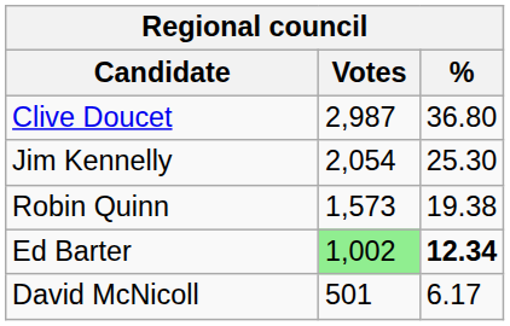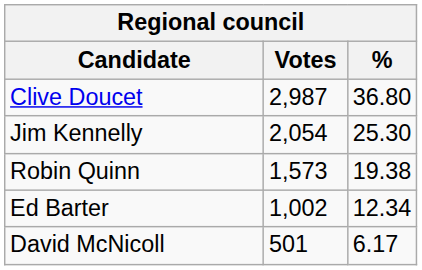 <table class="wikitable">
 <tr>
 <th colspan="3">Regional council</th>
 </tr>
 <tr>
 <th style="width: 170px">Candidate</th>
 <th style="width: 50px">Votes</th>
 <th style="width: 40px">%</th>
 </tr>
 <tr>
 <td><a href='#'>Clive Doucet</a></td>
 <td>2,987</td>
 <td>36.80</td>
 </tr>
 <tr>
 <td>Jim Kennelly</td>
 <td>2,054</td>
 <td>25.30</td>
 </tr>
 <tr>
 <td>Robin Quinn</td>
 <td>1,573</td>
 <td>19.38</td>
 </tr>
 <tr>
 <td>Ed Barter</td>
-<td style="background: lightgreen;">1,002</td>
-<td><strong>12.34</strong></td>
+<td>1,002</td>
+<td>12.34</td>
 </tr>
 <tr>
 <td>David McNicoll</td>
 <td>501</td>
 <td>6.17</td>
 </tr>
 </table>
